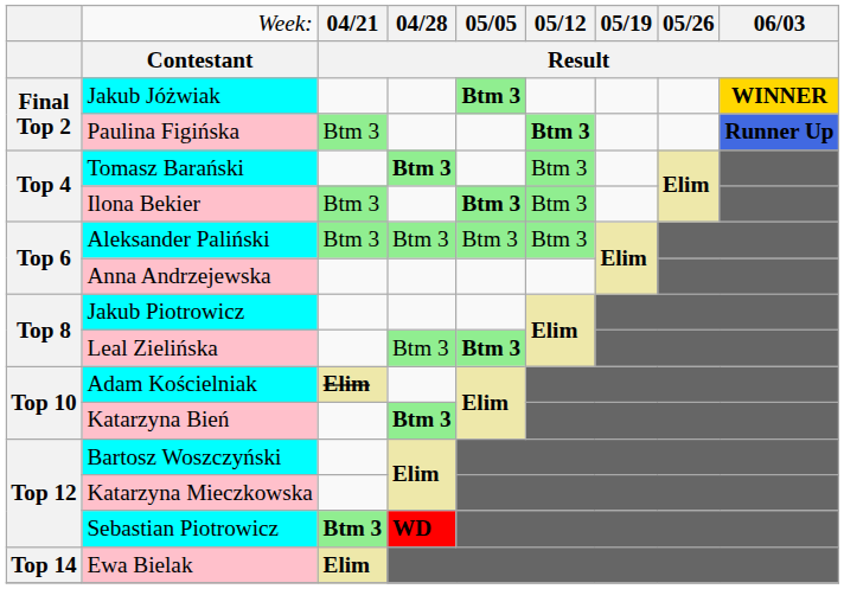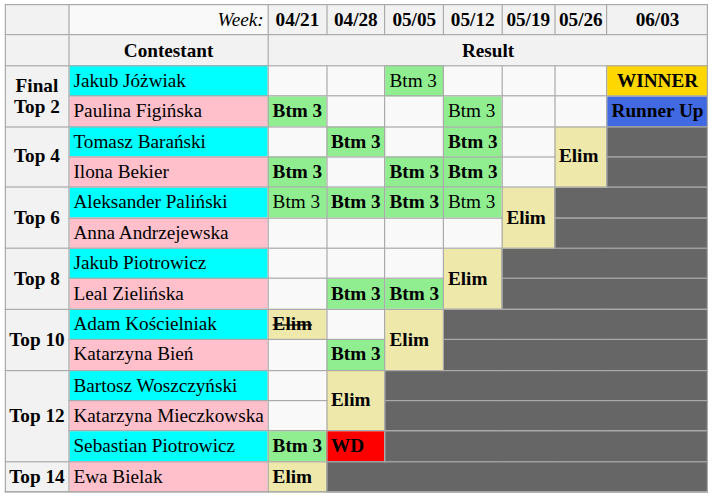 <table class="wikitable" style="margin:1em auto;">
 <tr>
 <th></th>
 <td align="right"><em>Week:</em></td>
 <th>04/21</th>
 <th>04/28</th>
 <th>05/05</th>
 <th>05/12</th>
 <th>05/19</th>
 <th>05/26</th>
 <th>06/03</th>
 </tr>
 <tr>
 <th></th>
 <th>Contestant</th>
 <th colspan="8" align="center">Result</th>
 </tr>
 <tr>
 <th rowspan="2">Final<br>Top 2</th>
 <td bgcolor="cyan">Jakub Jóżwiak</td>
 <td></td>
 <td></td>
-<td style="background:lightgreen;"><strong>Btm 3</strong></td>
+<td style="background:lightgreen;">Btm 3</td>
 <td></td>
 <td></td>
 <td></td>
 <td bgcolor="gold" align="center"><strong>WINNER</strong></td>
 </tr>
 <tr>
 <td bgcolor="pink">Paulina Figińska</td>
-<td style="background:lightgreen;">Btm 3</td>
+<td style="background:lightgreen;"><strong>Btm 3</strong></td>
 <td></td>
 <td></td>
-<td style="background:lightgreen;"><strong>Btm 3</strong></td>
+<td style="background:lightgreen;">Btm 3</td>
 <td></td>
 <td></td>
 <td bgcolor="royalblue" align="center"><strong>Runner Up</strong></td>
 </tr>
 <tr>
 <th rowspan="2">Top 4</th>
 <td bgcolor="cyan">Tomasz Barański</td>
 <td></td>
 <td style="background:lightgreen;"><strong>Btm 3</strong></td>
 <td></td>
-<td style="background:lightgreen;">Btm 3</td>
+<td style="background:lightgreen;"><strong>Btm 3</strong></td>
 <td></td>
 <td rowspan="2" bgcolor="palegoldenrod"><strong>Elim</strong></td>
 <td colspan="3" bgcolor="666666"></td>
 </tr>
 <tr>
 <td bgcolor="pink">Ilona Bekier</td>
-<td style="background:lightgreen;">Btm 3</td>
+<td style="background:lightgreen;"><strong>Btm 3</strong></td>
 <td></td>
 <td style="background:lightgreen;"><strong>Btm 3</strong></td>
-<td style="background:lightgreen;">Btm 3</td>
+<td style="background:lightgreen;"><strong>Btm 3</strong></td>
 <td></td>
 <td colspan="3" bgcolor="666666"></td>
 </tr>
 <tr>
 <th rowspan="2">Top 6</th>
 <td bgcolor="cyan">Aleksander Paliński</td>
 <td style="background:lightgreen;">Btm 3</td>
-<td style="background:lightgreen;">Btm 3</td>
-<td style="background:lightgreen;">Btm 3</td>
+<td style="background:lightgreen;"><strong>Btm 3</strong></td>
+<td style="background:lightgreen;"><strong>Btm 3</strong></td>
 <td style="background:lightgreen;">Btm 3</td>
 <td rowspan="2" bgcolor="palegoldenrod"><strong>Elim</strong></td>
 <td colspan="4" bgcolor="666666"></td>
 </tr>
 <tr>
 <td bgcolor="pink">Anna Andrzejewska</td>
 <td></td>
 <td></td>
 <td></td>
 <td></td>
 <td colspan="4" bgcolor="666666"></td>
 </tr>
 <tr>
 <th rowspan="2">Top 8</th>
 <td bgcolor="cyan">Jakub Piotrowicz</td>
 <td></td>
 <td></td>
 <td></td>
 <td rowspan="2" bgcolor="palegoldenrod"><strong>Elim</strong></td>
 <td colspan="5" bgcolor="666666"></td>
 </tr>
 <tr>
 <td bgcolor="pink">Leal Zielińska</td>
 <td></td>
-<td style="background:lightgreen;">Btm 3</td>
+<td style="background:lightgreen;"><strong>Btm 3</strong></td>
 <td style="background:lightgreen;"><strong>Btm 3</strong></td>
 <td colspan="6" bgcolor="666666"></td>
 </tr>
 <tr>
 <th rowspan="2">Top 10</th>
 <td bgcolor="cyan">Adam Kościelniak</td>
 <td bgcolor="palegoldenrod"><strong><s>Elim</s></strong></td>
 <td></td>
 <td rowspan="2" bgcolor="palegoldenrod"><strong>Elim</strong></td>
 <td colspan="5" bgcolor="666666"></td>
 </tr>
 <tr>
 <td bgcolor="pink">Katarzyna Bień</td>
 <td></td>
 <td style="background:lightgreen;"><strong>Btm 3</strong></td>
 <td colspan="6" bgcolor="666666"></td>
 </tr>
 <tr>
 <th rowspan="3">Top 12</th>
 <td bgcolor="cyan">Bartosz Woszczyński</td>
 <td></td>
 <td rowspan="2" bgcolor="palegoldenrod"><strong>Elim</strong></td>
 <td colspan="6" bgcolor="666666"></td>
 </tr>
 <tr>
 <td bgcolor="pink">Katarzyna Mieczkowska</td>
 <td></td>
 <td colspan="7" bgcolor="666666"></td>
 </tr>
 <tr>
 <td bgcolor="cyan">Sebastian Piotrowicz</td>
 <td style="background:lightgreen;"><strong>Btm 3</strong></td>
 <td style="background:red;"><strong>WD</strong></td>
 <td colspan="6" bgcolor="666666"></td>
 </tr>
 <tr>
 <th>Top 14</th>
 <td bgcolor="pink">Ewa Bielak</td>
 <td bgcolor="palegoldenrod"><strong>Elim</strong></td>
 <td colspan="7" bgcolor="666666"></td>
 </tr>
 <tr>
 </tr>
 </table>
